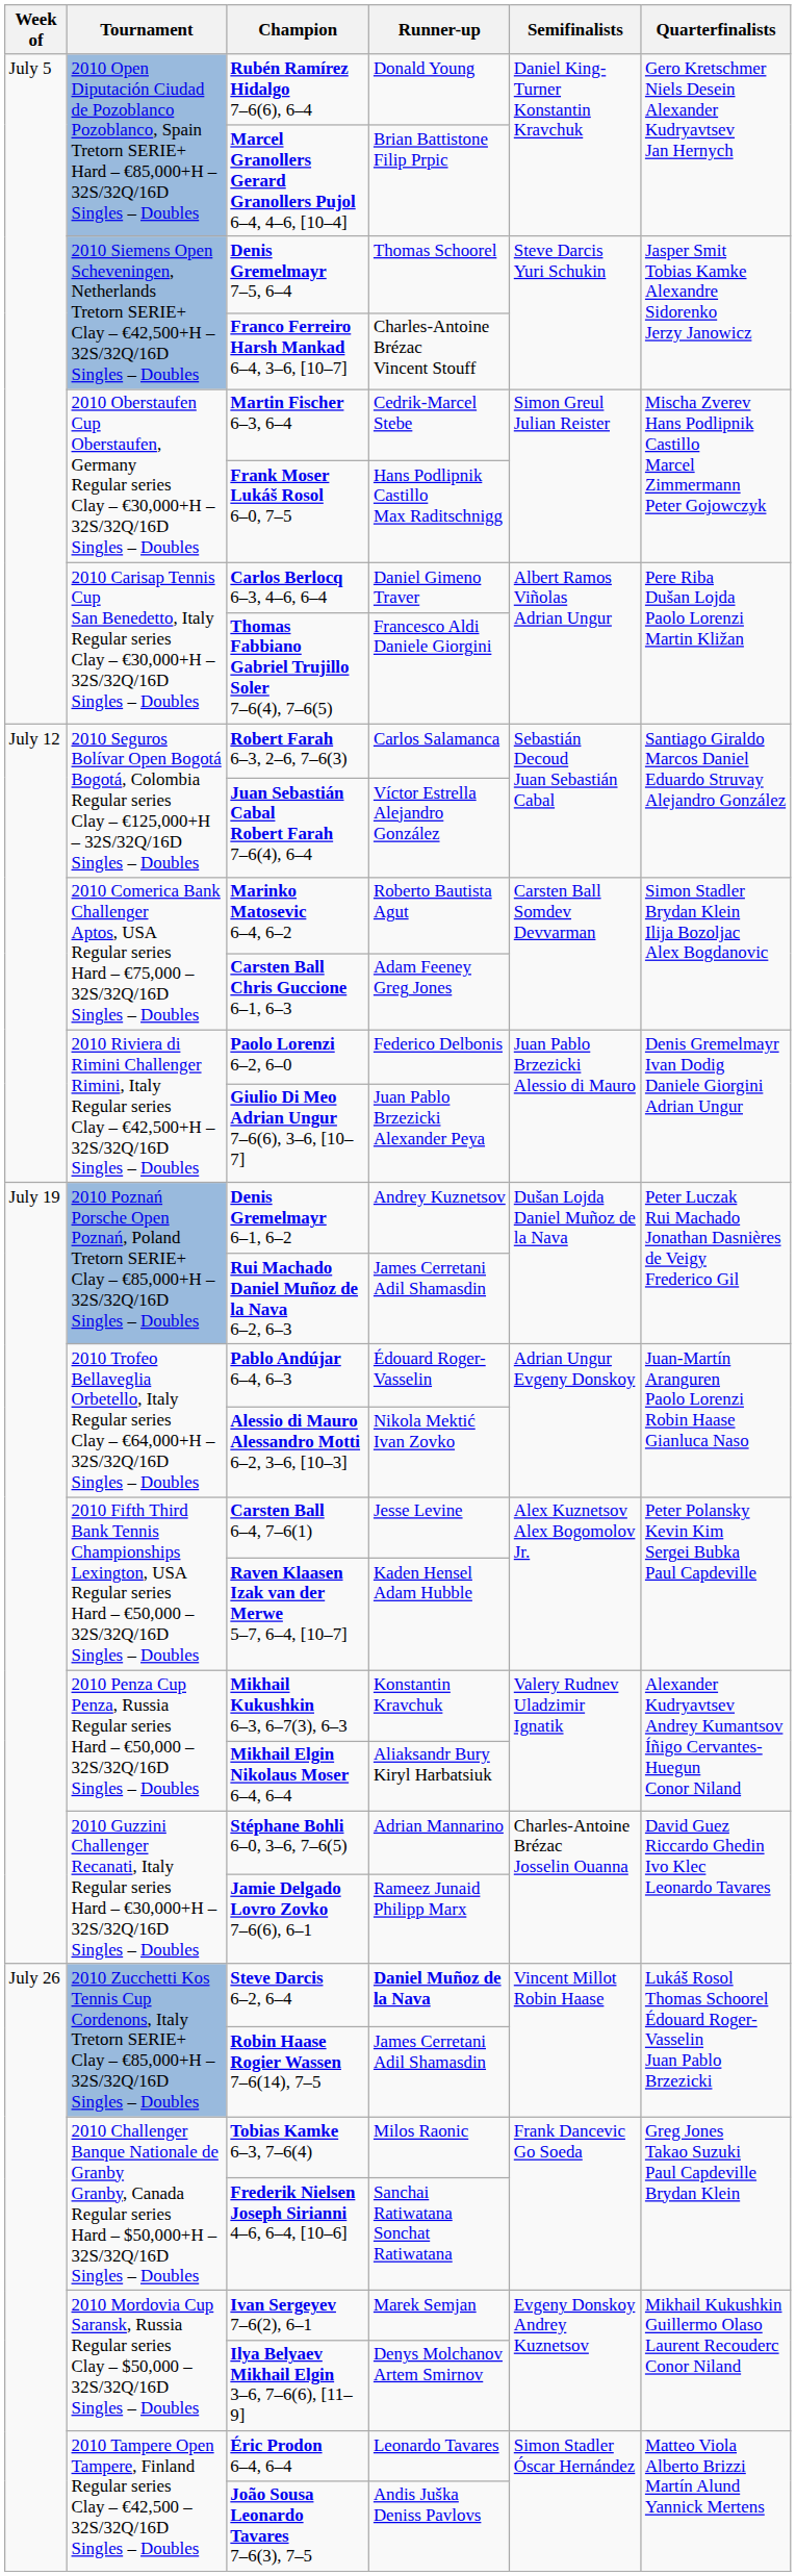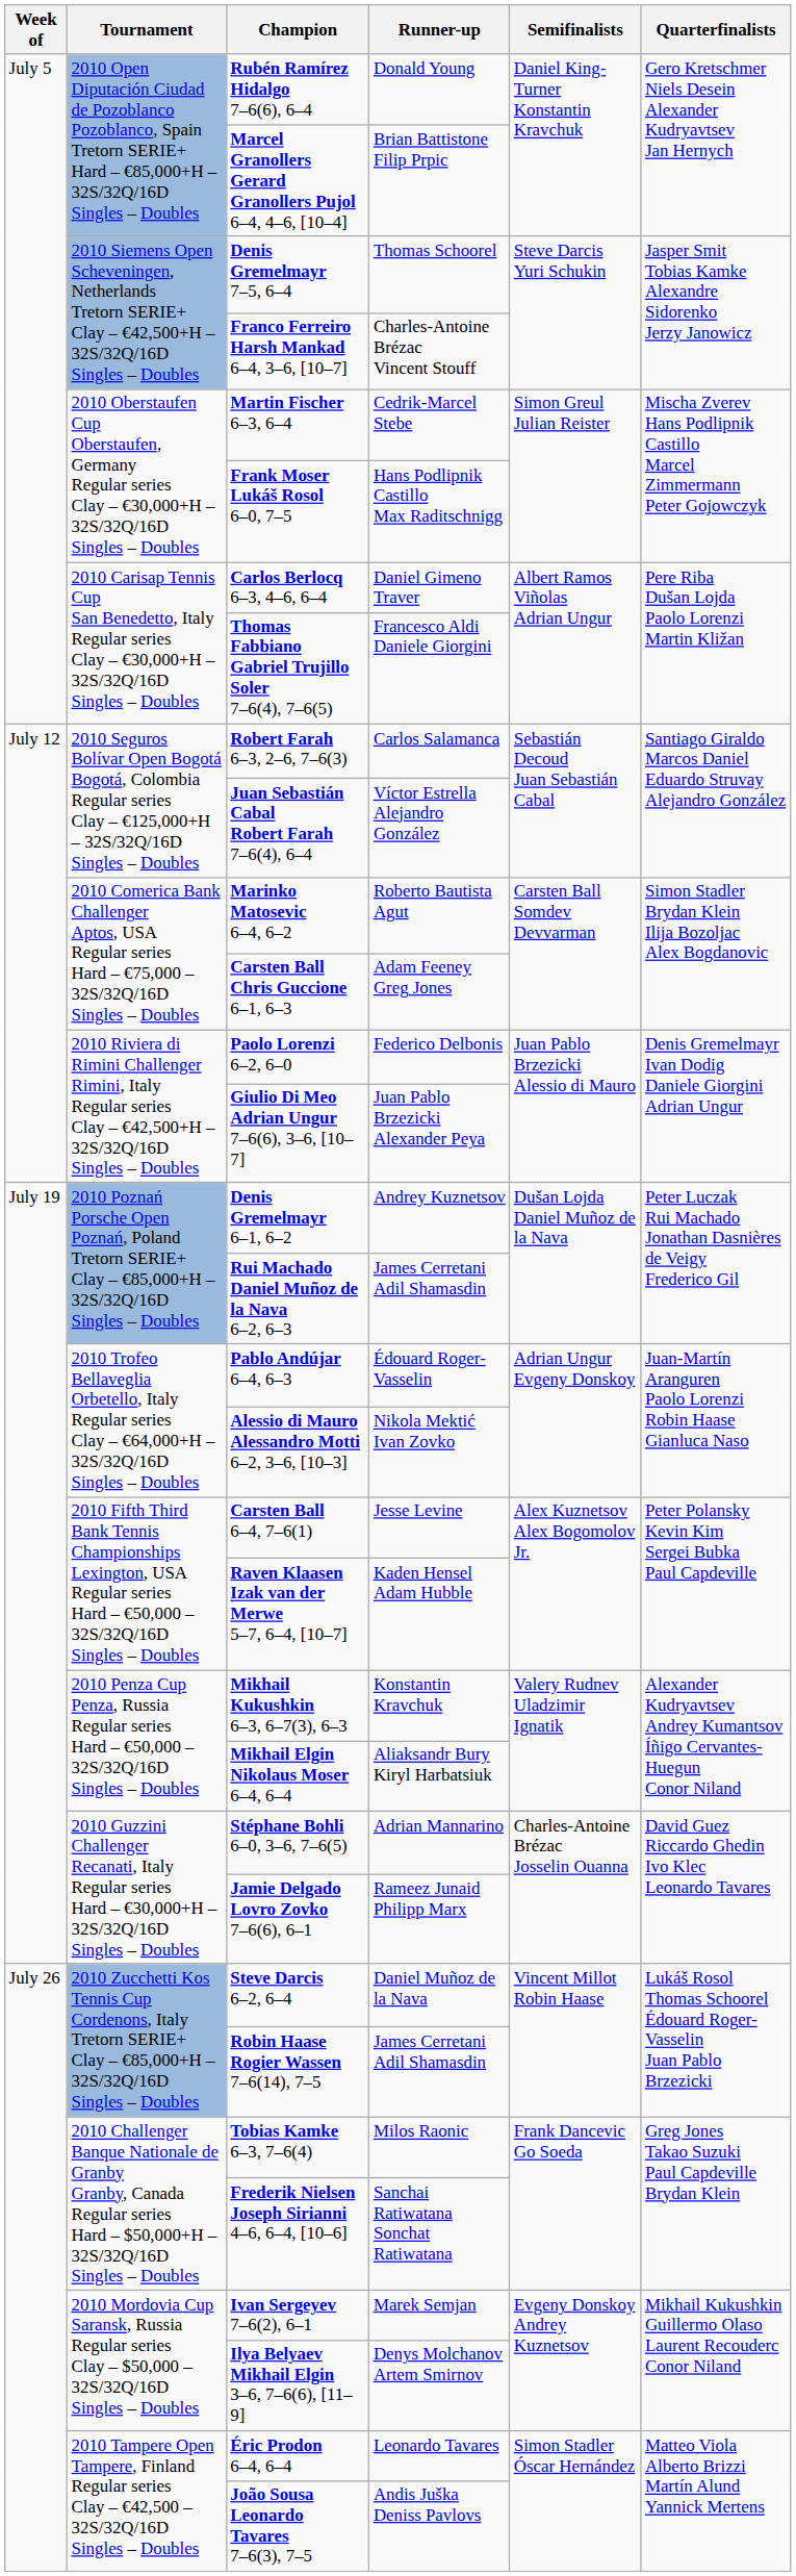 <table class=wikitable style=font-size:85%>
 <tr>
 <th width=75>Week of</th>
 <th width=230>Tournament</th>
 <th width=210>Champion</th>
 <th width=210>Runner-up</th>
 <th width=170>Semifinalists</th>
 <th width=170>Quarterfinalists</th>
 </tr>
 <tr style="vertical-align:top;">
 <td rowspan=8>July 5</td>
 <td rowspan=2 style="background-color:#99BADD"><a href='#'>2010 Open Diputación Ciudad de Pozoblanco</a><br> <a href='#'>Pozoblanco</a>, Spain<br>Tretorn SERIE+<br>Hard – €85,000+H – 32S/32Q/16D<br><a href='#'>Singles</a> – <a href='#'>Doubles</a></td>
 <td> <strong><a href='#'>Rubén Ramírez Hidalgo</a></strong> <br> 7–6(6), 6–4</td>
 <td> <a href='#'>Donald Young</a></td>
 <td rowspan=2> <a href='#'>Daniel King-Turner</a><br> <a href='#'>Konstantin Kravchuk</a></td>
 <td rowspan=2> <a href='#'>Gero Kretschmer</a><br> <a href='#'>Niels Desein</a><br> <a href='#'>Alexander Kudryavtsev</a><br> <a href='#'>Jan Hernych</a></td>
 </tr>
 <tr style="vertical-align:top;">
 <td> <strong><a href='#'>Marcel Granollers</a></strong><br> <strong><a href='#'>Gerard Granollers Pujol</a></strong><br>6–4, 4–6, [10–4]</td>
 <td> <a href='#'>Brian Battistone</a><br> <a href='#'>Filip Prpic</a></td>
 </tr>
 <tr style="vertical-align:top;">
 <td rowspan=2 style="background-color:#99BADD"><a href='#'>2010 Siemens Open</a><br> <a href='#'>Scheveningen</a>, Netherlands<br>Tretorn SERIE+<br>Clay – €42,500+H – 32S/32Q/16D<br><a href='#'>Singles</a> – <a href='#'>Doubles</a></td>
 <td> <strong><a href='#'>Denis Gremelmayr</a></strong> <br>7–5, 6–4</td>
 <td> <a href='#'>Thomas Schoorel</a></td>
 <td rowspan=2> <a href='#'>Steve Darcis</a><br> <a href='#'>Yuri Schukin</a></td>
 <td rowspan=2> <a href='#'>Jasper Smit</a><br> <a href='#'>Tobias Kamke</a><br> <a href='#'>Alexandre Sidorenko</a><br> <a href='#'>Jerzy Janowicz</a></td>
 </tr>
 <tr style="vertical-align:top;">
 <td> <strong><a href='#'>Franco Ferreiro</a></strong><br> <strong><a href='#'>Harsh Mankad</a></strong><br>6–4, 3–6, [10–7]</td>
 <td> Charles-Antoine Brézac<br> Vincent Stouff</td>
 </tr>
 <tr style="vertical-align:top;">
 <td rowspan=2><a href='#'>2010 Oberstaufen Cup</a><br> <a href='#'>Oberstaufen</a>, Germany<br>Regular series<br>Clay – €30,000+H – 32S/32Q/16D<br><a href='#'>Singles</a> – <a href='#'>Doubles</a></td>
 <td><strong> <a href='#'>Martin Fischer</a></strong> <br>6–3, 6–4</td>
 <td> <a href='#'>Cedrik-Marcel Stebe</a></td>
 <td rowspan=2> <a href='#'>Simon Greul</a><br> <a href='#'>Julian Reister</a></td>
 <td rowspan=2> <a href='#'>Mischa Zverev</a><br> <a href='#'>Hans Podlipnik Castillo</a><br> <a href='#'>Marcel Zimmermann</a><br> <a href='#'>Peter Gojowczyk</a></td>
 </tr>
 <tr style="vertical-align:top;">
 <td> <strong><a href='#'>Frank Moser</a></strong><br> <strong><a href='#'>Lukáš Rosol</a></strong><br>6–0, 7–5</td>
 <td> <a href='#'>Hans Podlipnik Castillo</a><br> <a href='#'>Max Raditschnigg</a></td>
 </tr>
 <tr style="vertical-align:top;">
 <td rowspan=2><a href='#'>2010 Carisap Tennis Cup</a><br> <a href='#'>San Benedetto</a>, Italy<br>Regular series<br>Clay – €30,000+H – 32S/32Q/16D<br><a href='#'>Singles</a> – <a href='#'>Doubles</a></td>
 <td> <strong><a href='#'>Carlos Berlocq</a></strong> <br>6–3, 4–6, 6–4</td>
 <td> <a href='#'>Daniel Gimeno Traver</a></td>
 <td rowspan=2> <a href='#'>Albert Ramos Viñolas</a><br> <a href='#'>Adrian Ungur</a></td>
 <td rowspan=2> <a href='#'>Pere Riba</a><br> <a href='#'>Dušan Lojda</a><br> <a href='#'>Paolo Lorenzi</a><br> <a href='#'>Martin Kližan</a></td>
 </tr>
 <tr style="vertical-align:top;">
 <td> <strong><a href='#'>Thomas Fabbiano</a><br> <a href='#'>Gabriel Trujillo Soler</a></strong> <br> 7–6(4), 7–6(5)</td>
 <td> <a href='#'>Francesco Aldi</a><br> <a href='#'>Daniele Giorgini</a></td>
 </tr>
 <tr style="vertical-align:top;">
 <td rowspan=6>July 12</td>
 <td rowspan=2><a href='#'>2010 Seguros Bolívar Open Bogotá</a><br> <a href='#'>Bogotá</a>, Colombia<br>Regular series<br>Clay – €125,000+H – 32S/32Q/16D<br><a href='#'>Singles</a> – <a href='#'>Doubles</a></td>
 <td> <strong><a href='#'>Robert Farah</a></strong><br>6–3, 2–6, 7–6(3)</td>
 <td> <a href='#'>Carlos Salamanca</a></td>
 <td rowspan=2> <a href='#'>Sebastián Decoud</a><br> <a href='#'>Juan Sebastián Cabal</a></td>
 <td rowspan=2> <a href='#'>Santiago Giraldo</a><br> <a href='#'>Marcos Daniel</a><br> <a href='#'>Eduardo Struvay</a><br> <a href='#'>Alejandro González</a></td>
 </tr>
 <tr style="vertical-align:top;">
 <td> <strong><a href='#'>Juan Sebastián Cabal</a></strong><br> <strong><a href='#'>Robert Farah</a></strong><br>7–6(4), 6–4</td>
 <td> <a href='#'>Víctor Estrella</a><br> <a href='#'>Alejandro González</a></td>
 </tr>
 <tr style="vertical-align:top;">
 <td rowspan=2><a href='#'>2010 Comerica Bank Challenger</a><br> <a href='#'>Aptos</a>, USA<br>Regular series<br>Hard – €75,000 – 32S/32Q/16D<br><a href='#'>Singles</a> – <a href='#'>Doubles</a></td>
 <td> <strong><a href='#'>Marinko Matosevic</a></strong><br>6–4, 6–2</td>
 <td> <a href='#'>Roberto Bautista Agut</a></td>
 <td rowspan=2> <a href='#'>Carsten Ball</a><br> <a href='#'>Somdev Devvarman</a></td>
 <td rowspan=2> <a href='#'>Simon Stadler</a><br> <a href='#'>Brydan Klein</a><br> <a href='#'>Ilija Bozoljac</a><br> <a href='#'>Alex Bogdanovic</a></td>
 </tr>
 <tr style="vertical-align:top;">
 <td> <strong><a href='#'>Carsten Ball</a></strong><br> <strong><a href='#'>Chris Guccione</a></strong><br>6–1, 6–3</td>
 <td> <a href='#'>Adam Feeney</a><br> <a href='#'>Greg Jones</a></td>
 </tr>
 <tr style="vertical-align:top;">
 <td rowspan=2><a href='#'>2010 Riviera di Rimini Challenger</a><br> <a href='#'>Rimini</a>, Italy<br>Regular series<br>Clay – €42,500+H – 32S/32Q/16D<br><a href='#'>Singles</a> – <a href='#'>Doubles</a></td>
 <td> <strong><a href='#'>Paolo Lorenzi</a></strong><br>6–2, 6–0</td>
 <td> <a href='#'>Federico Delbonis</a></td>
 <td rowspan=2> <a href='#'>Juan Pablo Brzezicki</a><br> <a href='#'>Alessio di Mauro</a></td>
 <td rowspan=2> <a href='#'>Denis Gremelmayr</a><br> <a href='#'>Ivan Dodig</a><br> <a href='#'>Daniele Giorgini</a><br> <a href='#'>Adrian Ungur</a></td>
 </tr>
 <tr style="vertical-align:top;">
 <td> <strong><a href='#'>Giulio Di Meo</a></strong><br> <strong><a href='#'>Adrian Ungur</a></strong><br>7–6(6), 3–6, [10–7]</td>
 <td> <a href='#'>Juan Pablo Brzezicki</a><br> <a href='#'>Alexander Peya</a></td>
 </tr>
 <tr style="vertical-align:top;">
 <td rowspan=10>July 19</td>
 <td rowspan=2 style="background-color:#99BADD"><a href='#'>2010 Poznań Porsche Open</a><br> <a href='#'>Poznań</a>, Poland<br>Tretorn SERIE+<br>Clay – €85,000+H – 32S/32Q/16D<br><a href='#'>Singles</a> – <a href='#'>Doubles</a></td>
 <td> <strong><a href='#'>Denis Gremelmayr</a></strong><br>6–1, 6–2</td>
 <td> <a href='#'>Andrey Kuznetsov</a></td>
 <td rowspan=2> <a href='#'>Dušan Lojda</a><br> <a href='#'>Daniel Muñoz de la Nava</a></td>
 <td rowspan=2> <a href='#'>Peter Luczak</a><br> <a href='#'>Rui Machado</a><br> <a href='#'>Jonathan Dasnières de Veigy</a><br> <a href='#'>Frederico Gil</a></td>
 </tr>
 <tr style="vertical-align:top;">
 <td> <strong><a href='#'>Rui Machado</a></strong><br> <strong><a href='#'>Daniel Muñoz de la Nava</a></strong><br>6–2, 6–3</td>
 <td> <a href='#'>James Cerretani</a><br> <a href='#'>Adil Shamasdin</a></td>
 </tr>
 <tr style="vertical-align:top;">
 <td rowspan=2><a href='#'>2010 Trofeo Bellaveglia</a><br> <a href='#'>Orbetello</a>, Italy<br>Regular series<br>Clay – €64,000+H – 32S/32Q/16D<br><a href='#'>Singles</a> – <a href='#'>Doubles</a></td>
 <td> <strong><a href='#'>Pablo Andújar</a></strong><br>6–4, 6–3</td>
 <td> <a href='#'>Édouard Roger-Vasselin</a></td>
 <td rowspan=2> <a href='#'>Adrian Ungur</a><br> <a href='#'>Evgeny Donskoy</a></td>
 <td rowspan=2> <a href='#'>Juan-Martín Aranguren</a><br> <a href='#'>Paolo Lorenzi</a><br> <a href='#'>Robin Haase</a><br> <a href='#'>Gianluca Naso</a></td>
 </tr>
 <tr style="vertical-align:top;">
 <td> <strong><a href='#'>Alessio di Mauro</a></strong><br> <strong><a href='#'>Alessandro Motti</a></strong><br>6–2, 3–6, [10–3]</td>
 <td> <a href='#'>Nikola Mektić</a><br> <a href='#'>Ivan Zovko</a></td>
 </tr>
 <tr style="vertical-align:top;">
 <td rowspan=2><a href='#'>2010 Fifth Third Bank Tennis Championships</a><br> <a href='#'>Lexington</a>, USA<br>Regular series<br>Hard – €50,000 – 32S/32Q/16D<br><a href='#'>Singles</a> – <a href='#'>Doubles</a></td>
 <td> <strong><a href='#'>Carsten Ball</a></strong><br>6–4, 7–6(1)</td>
 <td> <a href='#'>Jesse Levine</a></td>
 <td rowspan=2> <a href='#'>Alex Kuznetsov</a><br> <a href='#'>Alex Bogomolov Jr.</a></td>
 <td rowspan=2> <a href='#'>Peter Polansky</a><br> <a href='#'>Kevin Kim</a><br> <a href='#'>Sergei Bubka</a><br> <a href='#'>Paul Capdeville</a></td>
 </tr>
 <tr style="vertical-align:top;">
 <td> <strong><a href='#'>Raven Klaasen</a><br> <a href='#'>Izak van der Merwe</a></strong><br>5–7, 6–4, [10–7]</td>
 <td> <a href='#'>Kaden Hensel</a><br> <a href='#'>Adam Hubble</a></td>
 </tr>
 <tr style="vertical-align:top;">
 <td rowspan=2><a href='#'>2010 Penza Cup</a><br> <a href='#'>Penza</a>, Russia<br>Regular series<br>Hard – €50,000 – 32S/32Q/16D<br><a href='#'>Singles</a> – <a href='#'>Doubles</a></td>
 <td> <strong><a href='#'>Mikhail Kukushkin</a></strong><br>6–3, 6–7(3), 6–3</td>
 <td> <a href='#'>Konstantin Kravchuk</a></td>
 <td rowspan=2> <a href='#'>Valery Rudnev</a><br> <a href='#'>Uladzimir Ignatik</a></td>
 <td rowspan=2> <a href='#'>Alexander Kudryavtsev</a><br> <a href='#'>Andrey Kumantsov</a><br> <a href='#'>Íñigo Cervantes-Huegun</a><br> <a href='#'>Conor Niland</a></td>
 </tr>
 <tr style="vertical-align:top;">
 <td> <strong><a href='#'>Mikhail Elgin</a></strong><br> <strong><a href='#'>Nikolaus Moser</a></strong><br>6–4, 6–4</td>
 <td> <a href='#'>Aliaksandr Bury</a><br> Kiryl Harbatsiuk</td>
 </tr>
 <tr style="vertical-align:top;">
 <td rowspan=2><a href='#'>2010 Guzzini Challenger</a><br> <a href='#'>Recanati</a>, Italy<br>Regular series<br>Hard – €30,000+H – 32S/32Q/16D<br><a href='#'>Singles</a> – <a href='#'>Doubles</a></td>
 <td> <strong><a href='#'>Stéphane Bohli</a></strong><br>6–0, 3–6, 7–6(5)</td>
 <td> <a href='#'>Adrian Mannarino</a></td>
 <td rowspan=2> Charles-Antoine Brézac<br> <a href='#'>Josselin Ouanna</a></td>
 <td rowspan=2> <a href='#'>David Guez</a><br> <a href='#'>Riccardo Ghedin</a><br> <a href='#'>Ivo Klec</a><br> <a href='#'>Leonardo Tavares</a></td>
 </tr>
 <tr style="vertical-align:top;">
 <td> <strong><a href='#'>Jamie Delgado</a></strong><br> <strong><a href='#'>Lovro Zovko</a></strong><br>7–6(6), 6–1</td>
 <td> <a href='#'>Rameez Junaid</a><br> <a href='#'>Philipp Marx</a></td>
 </tr>
 <tr style="vertical-align:top;">
 <td rowspan=8>July 26</td>
 <td rowspan=2 style="background-color:#99BADD"><a href='#'>2010 Zucchetti Kos Tennis Cup</a><br> <a href='#'>Cordenons</a>, Italy<br>Tretorn SERIE+<br>Clay – €85,000+H – 32S/32Q/16D<br><a href='#'>Singles</a> – <a href='#'>Doubles</a></td>
 <td> <strong><a href='#'>Steve Darcis</a></strong><br>6–2, 6–4</td>
-<td><strong> <a href='#'>Daniel Muñoz de la Nava</a></strong></td>
+<td> <a href='#'>Daniel Muñoz de la Nava</a></td>
 <td rowspan=2> <a href='#'>Vincent Millot</a><br> <a href='#'>Robin Haase</a></td>
 <td rowspan=2> <a href='#'>Lukáš Rosol</a><br> <a href='#'>Thomas Schoorel</a><br> <a href='#'>Édouard Roger-Vasselin</a><br> <a href='#'>Juan Pablo Brzezicki</a></td>
 </tr>
 <tr style="vertical-align:top;">
 <td> <strong><a href='#'>Robin Haase</a></strong><br> <strong><a href='#'>Rogier Wassen</a></strong><br>7–6(14), 7–5</td>
 <td> <a href='#'>James Cerretani</a><br> <a href='#'>Adil Shamasdin</a></td>
 </tr>
 <tr style="vertical-align:top;">
 <td rowspan=2><a href='#'>2010 Challenger Banque Nationale de Granby</a><br> <a href='#'>Granby</a>, Canada<br>Regular series<br>Hard – $50,000+H – 32S/32Q/16D<br><a href='#'>Singles</a> – <a href='#'>Doubles</a></td>
 <td> <strong><a href='#'>Tobias Kamke</a></strong><br>6–3, 7–6(4)</td>
 <td> <a href='#'>Milos Raonic</a></td>
 <td rowspan=2> <a href='#'>Frank Dancevic</a><br> <a href='#'>Go Soeda</a></td>
 <td rowspan=2> <a href='#'>Greg Jones</a><br> <a href='#'>Takao Suzuki</a><br> <a href='#'>Paul Capdeville</a><br> <a href='#'>Brydan Klein</a></td>
 </tr>
 <tr style="vertical-align:top;">
 <td> <strong><a href='#'>Frederik Nielsen</a></strong><br> <strong><a href='#'>Joseph Sirianni</a></strong><br>4–6, 6–4, [10–6]</td>
 <td> <a href='#'>Sanchai Ratiwatana</a><br> <a href='#'>Sonchat Ratiwatana</a></td>
 </tr>
 <tr style="vertical-align:top;">
 <td rowspan=2><a href='#'>2010 Mordovia Cup</a><br> <a href='#'>Saransk</a>, Russia<br>Regular series<br>Clay – $50,000 – 32S/32Q/16D<br><a href='#'>Singles</a> – <a href='#'>Doubles</a></td>
 <td> <strong><a href='#'>Ivan Sergeyev</a></strong><br>7–6(2), 6–1</td>
 <td> <a href='#'>Marek Semjan</a></td>
 <td rowspan=2> <a href='#'>Evgeny Donskoy</a><br> <a href='#'>Andrey Kuznetsov</a></td>
 <td rowspan=2> <a href='#'>Mikhail Kukushkin</a><br> <a href='#'>Guillermo Olaso</a><br> <a href='#'>Laurent Recouderc</a><br> <a href='#'>Conor Niland</a></td>
 </tr>
 <tr style="vertical-align:top;">
 <td> <strong><a href='#'>Ilya Belyaev</a><br> <a href='#'>Mikhail Elgin</a></strong><br>3–6, 7–6(6), [11–9]</td>
 <td> <a href='#'>Denys Molchanov</a><br> <a href='#'>Artem Smirnov</a></td>
 </tr>
 <tr style="vertical-align:top;">
 <td rowspan=2><a href='#'>2010 Tampere Open</a><br> <a href='#'>Tampere</a>, Finland<br>Regular series<br>Clay – €42,500 – 32S/32Q/16D<br><a href='#'>Singles</a> – <a href='#'>Doubles</a></td>
 <td> <strong><a href='#'>Éric Prodon</a></strong><br>6–4, 6–4</td>
 <td> <a href='#'>Leonardo Tavares</a></td>
 <td rowspan=2> <a href='#'>Simon Stadler</a><br> <a href='#'>Óscar Hernández</a></td>
 <td rowspan=2> <a href='#'>Matteo Viola</a><br> <a href='#'>Alberto Brizzi</a><br> <a href='#'>Martín Alund</a><br> <a href='#'>Yannick Mertens</a></td>
 </tr>
 <tr style="vertical-align:top;">
 <td> <strong><a href='#'>João Sousa</a></strong><br> <strong><a href='#'>Leonardo Tavares</a></strong><br>7–6(3), 7–5</td>
 <td> <a href='#'>Andis Juška</a><br> <a href='#'>Deniss Pavlovs</a></td>
 </tr>
 <tr style="vertical-align:top;">
 </tr>
 </table>
